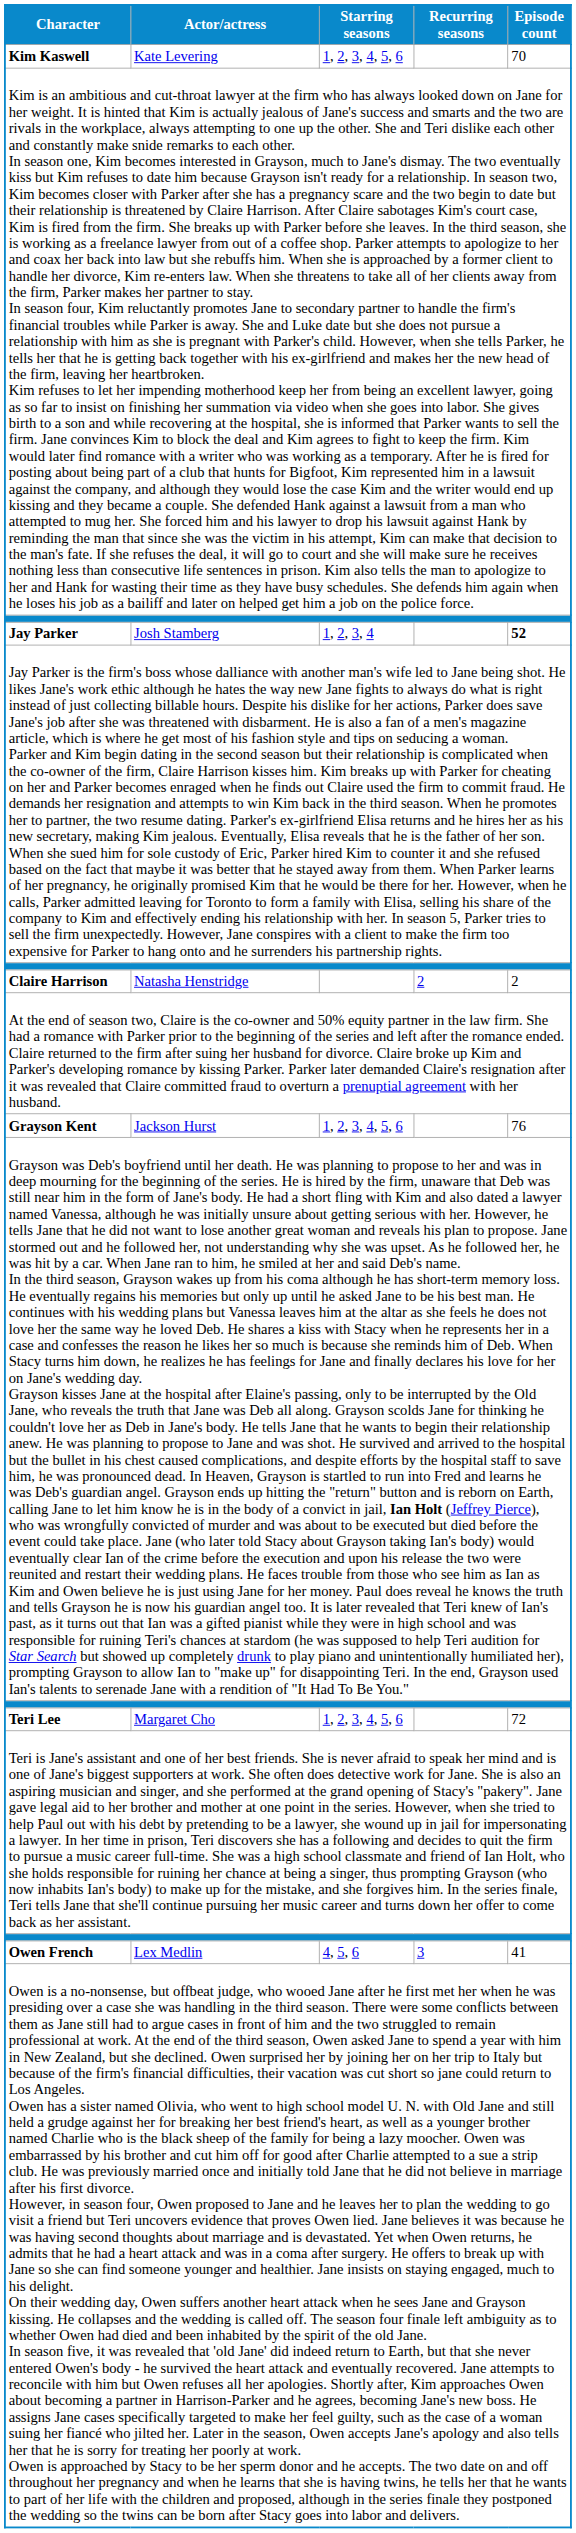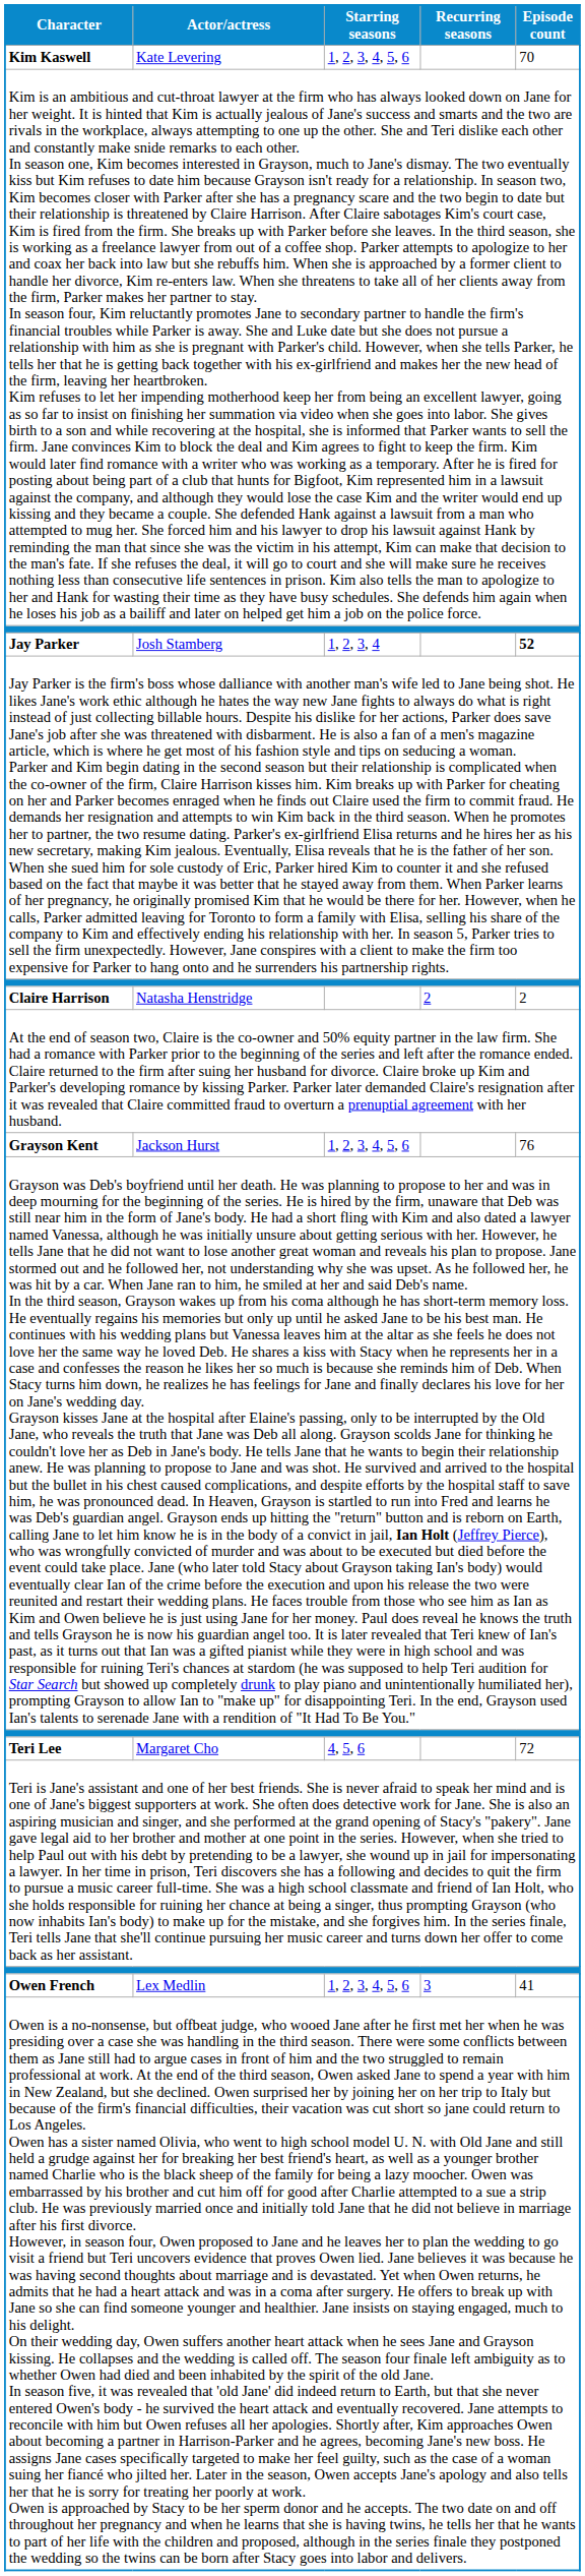 <table class="wikitable sortable collapsible" style="width:100%; margin-right:auto; background: #FFFFFF; border:2px solid #0989cb;">
 <tr style="color:white">
 <th style="background-color:#0989cb; width:20%">Character</th>
 <th style="background-color:#0989cb; width:30%">Actor/actress</th>
 <th style="background-color:#0989cb; width:15%">Starring seasons</th>
 <th style="background-color:#0989cb; width:15%">Recurring seasons</th>
 <th style="background-color:#0989cb; width:10%">Episode count</th>
 </tr>
 <tr>
 <td><strong>Kim Kaswell</strong></td>
 <td><a href='#'>Kate Levering</a></td>
 <td><a href='#'>1</a>, <a href='#'>2</a>, <a href='#'>3</a>, <a href='#'>4</a>, <a href='#'>5</a>, <a href='#'>6</a></td>
 <td></td>
 <td>70</td>
 </tr>
 <tr>
 <td colspan="6"><br>Kim is an ambitious and cut-throat lawyer at the firm who has always looked down on Jane for her weight. It is hinted that Kim is actually jealous of Jane's success and smarts and the two are rivals in the workplace, always attempting to one up the other. She and Teri dislike each other and constantly make snide remarks to each other.<br>In season one, Kim becomes interested in Grayson, much to Jane's dismay. The two eventually kiss but Kim refuses to date him because Grayson isn't ready for a relationship. In season two, Kim becomes closer with Parker after she has a pregnancy scare and the two begin to date but their relationship is threatened by Claire Harrison. After Claire sabotages Kim's court case, Kim is fired from the firm. She breaks up with Parker before she leaves. In the third season, she is working as a freelance lawyer from out of a coffee shop. Parker attempts to apologize to her and coax her back into law but she rebuffs him. When she is approached by a former client to handle her divorce, Kim re-enters law. When she threatens to take all of her clients away from the firm, Parker makes her partner to stay.<br>In season four, Kim reluctantly promotes Jane to secondary partner to handle the firm's financial troubles while Parker is away. She and Luke date but she does not pursue a relationship with him as she is pregnant with Parker's child. However, when she tells Parker, he tells her that he is getting back together with his ex-girlfriend and makes her the new head of the firm, leaving her heartbroken.<br>Kim refuses to let her impending motherhood keep her from being an excellent lawyer, going as so far to insist on finishing her summation via video when she goes into labor. She gives birth to a son and while recovering at the hospital, she is informed that Parker wants to sell the firm. Jane convinces Kim to block the deal and Kim agrees to fight to keep the firm. Kim would later find romance with a writer who was working as a temporary. After he is fired for posting about being part of a club that hunts for Bigfoot, Kim represented him in a lawsuit against the company, and although they would lose the case Kim and the writer would end up kissing and they became a couple. She defended Hank against a lawsuit from a man who attempted to mug her. She forced him and his lawyer to drop his lawsuit against Hank by reminding the man that since she was the victim in his attempt, Kim can make that decision to the man's fate. If she refuses the deal, it will go to court and she will make sure he receives nothing less than consecutive life sentences in prison. Kim also tells the man to apologize to her and Hank for wasting their time as they have busy schedules. She defends him again when he loses his job as a bailiff and later on helped get him a job on the police force.</td>
 </tr>
 <tr>
 <td colspan="6" bgcolor="#0989cb"></td>
 </tr>
 <tr>
 <td><strong>Jay Parker</strong></td>
 <td><a href='#'>Josh Stamberg</a></td>
 <td><a href='#'>1</a>, <a href='#'>2</a>, <a href='#'>3</a>, <a href='#'>4</a></td>
 <td></td>
 <td><strong>52</strong></td>
 </tr>
 <tr>
 <td colspan="6"><br> Jay Parker is the firm's boss whose dalliance with another man's wife led to Jane being shot. He likes Jane's work ethic although he hates the way new Jane fights to always do what is right instead of just collecting billable hours. Despite his dislike for her actions, Parker does save Jane's job after she was threatened with disbarment. He is also a fan of a men's magazine article, which is where he get most of his fashion style and tips on seducing a woman.<br>Parker and Kim begin dating in the second season but their relationship is complicated when the co-owner of the firm, Claire Harrison kisses him. Kim breaks up with Parker for cheating on her and Parker becomes enraged when he finds out Claire used the firm to commit fraud. He demands her resignation and attempts to win Kim back in the third season. When he promotes her to partner, the two resume dating. Parker's ex-girlfriend Elisa returns and he hires her as his new secretary, making Kim jealous. Eventually, Elisa reveals that he is the father of her son. When she sued him for sole custody of Eric, Parker hired Kim to counter it and she refused based on the fact that maybe it was better that he stayed away from them. When Parker learns of her pregnancy, he originally promised Kim that he would be there for her. However, when he calls, Parker admitted leaving for Toronto to form a family with Elisa, selling his share of the company to Kim and effectively ending his relationship with her. In season 5, Parker tries to sell the firm unexpectedly. However, Jane conspires with a client to make the firm too expensive for Parker to hang onto and he surrenders his partnership rights.</td>
 </tr>
 <tr>
 <td colspan="6" bgcolor="#0989cb"></td>
 </tr>
 <tr>
 <td><strong>Claire Harrison</strong></td>
 <td><a href='#'>Natasha Henstridge</a></td>
 <td></td>
 <td><a href='#'>2</a></td>
 <td>2</td>
 </tr>
 <tr>
 <td colspan="6"><br> At the end of season two, Claire is the co-owner and 50% equity partner in the law firm. She had a romance with Parker prior to the beginning of the series and left after the romance ended. Claire returned to the firm after suing her husband for divorce. Claire broke up Kim and Parker's developing romance by kissing Parker. Parker later demanded Claire's resignation after it was revealed that Claire committed fraud to overturn a <a href='#'>prenuptial agreement</a> with her husband.</td>
 </tr>
 <tr>
 <td><strong>Grayson Kent</strong></td>
 <td><a href='#'>Jackson Hurst</a></td>
 <td><a href='#'>1</a>, <a href='#'>2</a>, <a href='#'>3</a>, <a href='#'>4</a>, <a href='#'>5</a>, <a href='#'>6</a></td>
 <td></td>
 <td>76</td>
 </tr>
 <tr>
 <td colspan="6"><br>Grayson was Deb's boyfriend until her death. He was planning to propose to her and was in deep mourning for the beginning of the series. He is hired by the firm, unaware that Deb was still near him in the form of Jane's body. He had a short fling with Kim and also dated a lawyer named Vanessa, although he was initially unsure about getting serious with her. However, he tells Jane that he did not want to lose another great woman and reveals his plan to propose. Jane stormed out and he followed her, not understanding why she was upset. As he followed her, he was hit by a car. When Jane ran to him, he smiled at her and said Deb's name.<br>In the third season, Grayson wakes up from his coma although he has short-term memory loss. He eventually regains his memories but only up until he asked Jane to be his best man. He continues with his wedding plans but Vanessa leaves him at the altar as she feels he does not love her the same way he loved Deb. He shares a kiss with Stacy when he represents her in a case and confesses the reason he likes her so much is because she reminds him of Deb. When Stacy turns him down, he realizes he has feelings for Jane and finally declares his love for her on Jane's wedding day.<br>Grayson kisses Jane at the hospital after Elaine's passing, only to be interrupted by the Old Jane, who reveals the truth that Jane was Deb all along. Grayson scolds Jane for thinking he couldn't love her as Deb in Jane's body. He tells Jane that he wants to begin their relationship anew. He was planning to propose to Jane and was shot. He survived and arrived to the hospital but the bullet in his chest caused complications, and despite efforts by the hospital staff to save him, he was pronounced dead. In Heaven, Grayson is startled to run into Fred and learns he was Deb's guardian angel. Grayson ends up hitting the "return" button and is reborn on Earth, calling Jane to let him know he is in the body of a convict in jail, <strong>Ian Holt</strong> (<a href='#'>Jeffrey Pierce</a>), who was wrongfully convicted of murder and was about to be executed but died before the event could take place. Jane (who later told Stacy about Grayson taking Ian's body) would eventually clear Ian of the crime before the execution and upon his release the two were reunited and restart their wedding plans. He faces trouble from those who see him as Ian as Kim and Owen believe he is just using Jane for her money. Paul does reveal he knows the truth and tells Grayson he is now his guardian angel too. It is later revealed that Teri knew of Ian's past, as it turns out that Ian was a gifted pianist while they were in high school and was responsible for ruining Teri's chances at stardom (he was supposed to help Teri audition for <em><a href='#'>Star Search</a></em> but showed up completely <a href='#'>drunk</a> to play piano and unintentionally humiliated her), prompting Grayson to allow Ian to "make up" for disappointing Teri. In the end, Grayson used Ian's talents to serenade Jane with a rendition of "It Had To Be You."</td>
 </tr>
 <tr>
 <td colspan="6" bgcolor="#0989cb"></td>
 </tr>
 <tr>
 <td><strong>Teri Lee</strong></td>
 <td><a href='#'>Margaret Cho</a></td>
-<td><a href='#'>1</a>, <a href='#'>2</a>, <a href='#'>3</a>, <a href='#'>4</a>, <a href='#'>5</a>, <a href='#'>6</a></td>
+<td><a href='#'>4</a>, <a href='#'>5</a>, <a href='#'>6</a></td>
 <td></td>
 <td>72</td>
 </tr>
 <tr>
 <td colspan="6"><br> Teri is Jane's assistant and one of her best friends. She is never afraid to speak her mind and is one of Jane's biggest supporters at work. She often does detective work for Jane. She is also an aspiring musician and singer, and she performed at the grand opening of Stacy's "pakery". Jane gave legal aid to her brother and mother at one point in the series. However, when she tried to help Paul out with his debt by pretending to be a lawyer, she wound up in jail for impersonating a lawyer. In her time in prison, Teri discovers she has a following and decides to quit the firm to pursue a music career full-time. She was a high school classmate  and friend of Ian Holt, who she holds responsible for ruining her chance at being a singer, thus prompting Grayson (who now inhabits Ian's body) to make up for the mistake, and she forgives him. In the series finale, Teri tells Jane that she'll continue pursuing her music career and turns down her offer to come back as her assistant.</td>
 </tr>
 <tr>
 <td colspan="6" bgcolor="#0989cb"></td>
 </tr>
 <tr>
 <td><strong>Owen French</strong></td>
 <td><a href='#'>Lex Medlin</a></td>
-<td><a href='#'>4</a>, <a href='#'>5</a>, <a href='#'>6</a></td>
+<td><a href='#'>1</a>, <a href='#'>2</a>, <a href='#'>3</a>, <a href='#'>4</a>, <a href='#'>5</a>, <a href='#'>6</a></td>
 <td><a href='#'>3</a></td>
 <td>41</td>
 </tr>
 <tr>
 <td colspan="6"><br>Owen is a no-nonsense, but offbeat judge, who wooed Jane after he first met her when he was presiding over a case she was handling in the third season. There were some conflicts between them as Jane still had to argue cases in front of him and the two struggled to remain professional at work. At the end of the third season, Owen asked Jane to spend a year with him in New Zealand, but she declined. Owen surprised her by joining her on her trip to Italy but because of the firm's financial difficulties, their vacation was cut short so jane could return to Los Angeles.<br>Owen has a sister named Olivia, who went to high school  model U. N. with Old Jane and still held a grudge against her for breaking her best friend's heart, as well as a younger brother named Charlie who is the black sheep of the family for being a lazy moocher. Owen was embarrassed by his brother and cut him off for good   after Charlie attempted to a sue a strip club. He was previously married once and initially told Jane that he did not believe in marriage after his first divorce.<br>However, in season four, Owen proposed to Jane and he leaves her to plan the wedding to go visit a friend but Teri uncovers evidence that proves Owen lied. Jane believes it was because he was having second thoughts about marriage and is devastated. Yet when Owen returns, he admits that he had a heart attack and was in a coma after surgery. He offers to break up with Jane so she can find someone younger and healthier. Jane insists on staying engaged, much to his delight.<br>On their wedding day, Owen suffers another heart attack when he sees Jane and Grayson kissing. He collapses and the wedding is called off. The season four finale left ambiguity as to whether Owen had died and been inhabited by the spirit of the old Jane.<br>In season five, it was revealed that 'old Jane' did indeed return to Earth, but that she never entered Owen's body - he survived the heart attack and eventually recovered. Jane attempts to reconcile with him but Owen refuses all her apologies. Shortly after, Kim approaches Owen about becoming a partner in Harrison-Parker and he agrees, becoming Jane's new boss. He assigns Jane cases specifically targeted to make her feel guilty, such as the case of a woman suing her fiancé who jilted her. Later in the season, Owen accepts Jane's apology and also tells her that he is sorry for treating her poorly at work.<br>Owen is approached by Stacy to be her sperm donor and he accepts. The two date on and off throughout her pregnancy and when he learns that she is having twins, he tells her that he wants to part of her life with the children and proposed, although in the series finale they postponed the wedding so the twins can be born after Stacy goes into labor and delivers.</td>
 </tr>
 </table>
